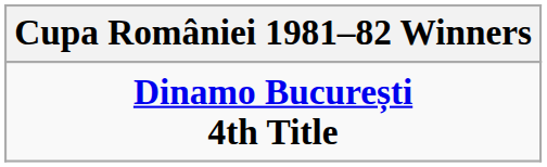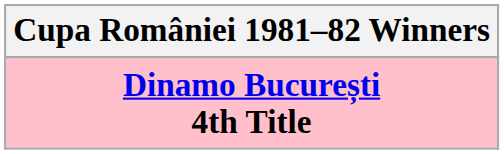 <table class="wikitable" style="text-align: center; margin: 0 auto;">
 <tr>
 <th>Cupa României 1981–82 Winners</th>
 </tr>
 <tr>
 </tr>
 <tr>
-<td><strong><a href='#'>Dinamo București</a></strong><br><strong>4th Title</strong></td>
+<td style="background: pink;"><strong><a href='#'>Dinamo București</a></strong><br><strong>4th Title</strong></td>
 </tr>
 </table>
